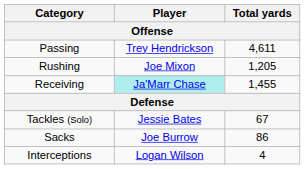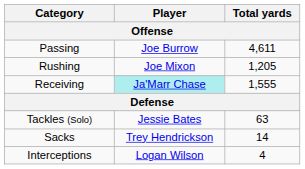 <table class="wikitable" style="text-align:center">
 <tr>
 <th width="150">Category</th>
 <th width="150">Player</th>
 <th width="100">Total yards</th>
 </tr>
 <tr>
 <th align="center" colspan="4">Offense</th>
 </tr>
 <tr>
 <td>Passing</td>
-<td><a href='#'>Trey Hendrickson</a></td>
+<td><a href='#'>Joe Burrow</a></td>
 <td>4,611</td>
 </tr>
 <tr>
 <td>Rushing</td>
 <td><a href='#'>Joe Mixon</a></td>
 <td>1,205</td>
 </tr>
 <tr>
 <td>Receiving</td>
 <td style="background: paleturquoise;"><a href='#'>Ja'Marr Chase</a></td>
-<td>1,455</td>
+<td>1,555</td>
 </tr>
 <tr>
 <th align="center" colspan="4">Defense</th>
 </tr>
 <tr>
 <td>Tackles <small>(Solo)</small></td>
 <td><a href='#'>Jessie Bates</a></td>
-<td>67</td>
+<td>63</td>
 </tr>
 <tr>
 <td>Sacks</td>
-<td><a href='#'>Joe Burrow</a></td>
-<td>86</td>
+<td><a href='#'>Trey Hendrickson</a></td>
+<td>14</td>
 </tr>
 <tr>
 <td>Interceptions</td>
 <td><a href='#'>Logan Wilson</a></td>
 <td>4</td>
 </tr>
 </table>
